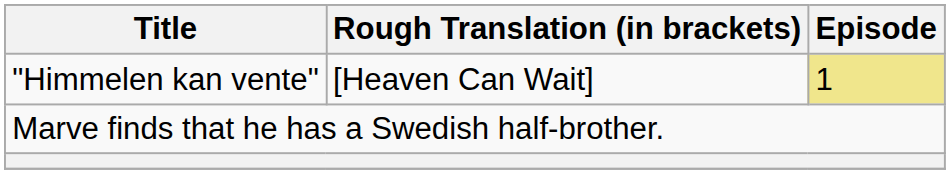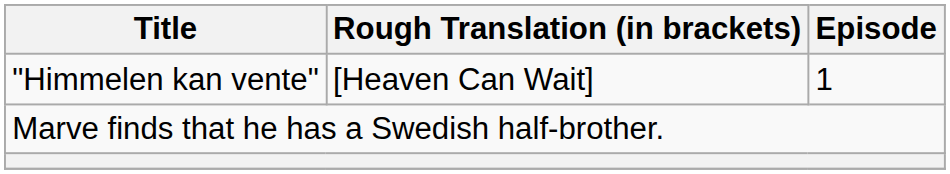 <table class="wikitable">
 <tr>
 <th>Title</th>
 <th>Rough Translation (in brackets)</th>
 <th>Episode</th>
 </tr>
 <tr>
 <td>"Himmelen kan vente"</td>
 <td>[Heaven Can Wait]</td>
-<td style="background: khaki;">1</td>
+<td>1</td>
 </tr>
 <tr>
 <td colspan="6">Marve finds that he has a Swedish half-brother.</td>
 </tr>
 <tr>
 <td colspan="6" bgcolor="#f2f2f2"></td>
 </tr>
 <tr>
 </tr>
 </table>
